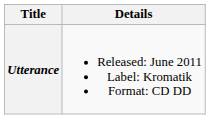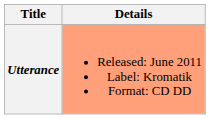 <table class="wikitable plainrowheaders" style="text-align:center;" border="1">
 <tr>
 <th>Title</th>
 <th>Details</th>
 </tr>
 <tr>
 <th scope="row"><em>Utterance</em></th>
-<td><br><ul><li>Released: June 2011</li><li>Label: Kromatik</li><li>Format: CD DD</li></ul></td>
+<td style="background: lightsalmon;"><br><ul><li>Released: June 2011</li><li>Label: Kromatik</li><li>Format: CD DD</li></ul></td>
 </tr>
 </table>
